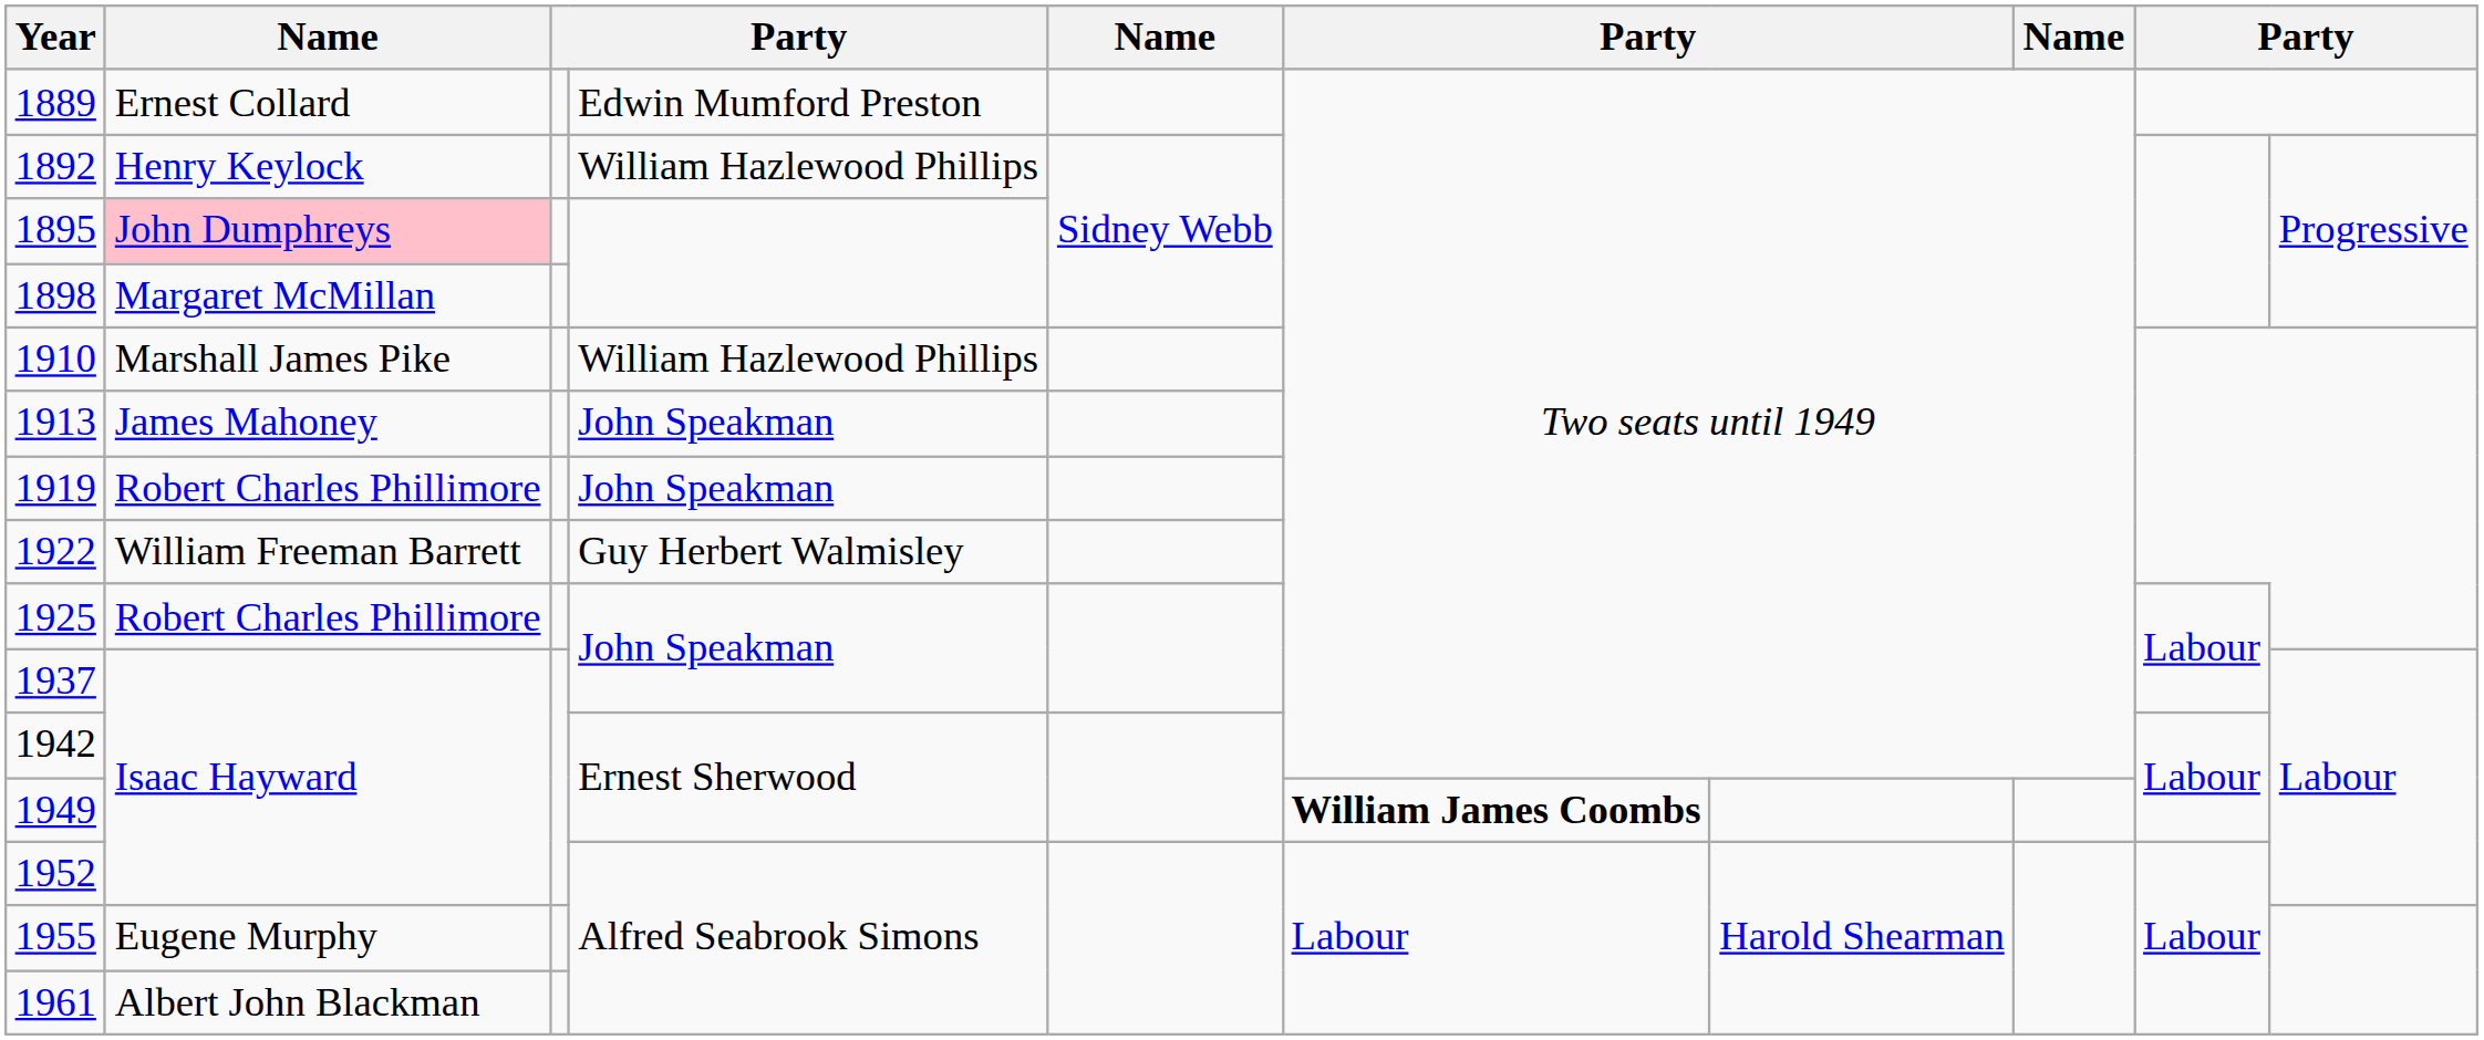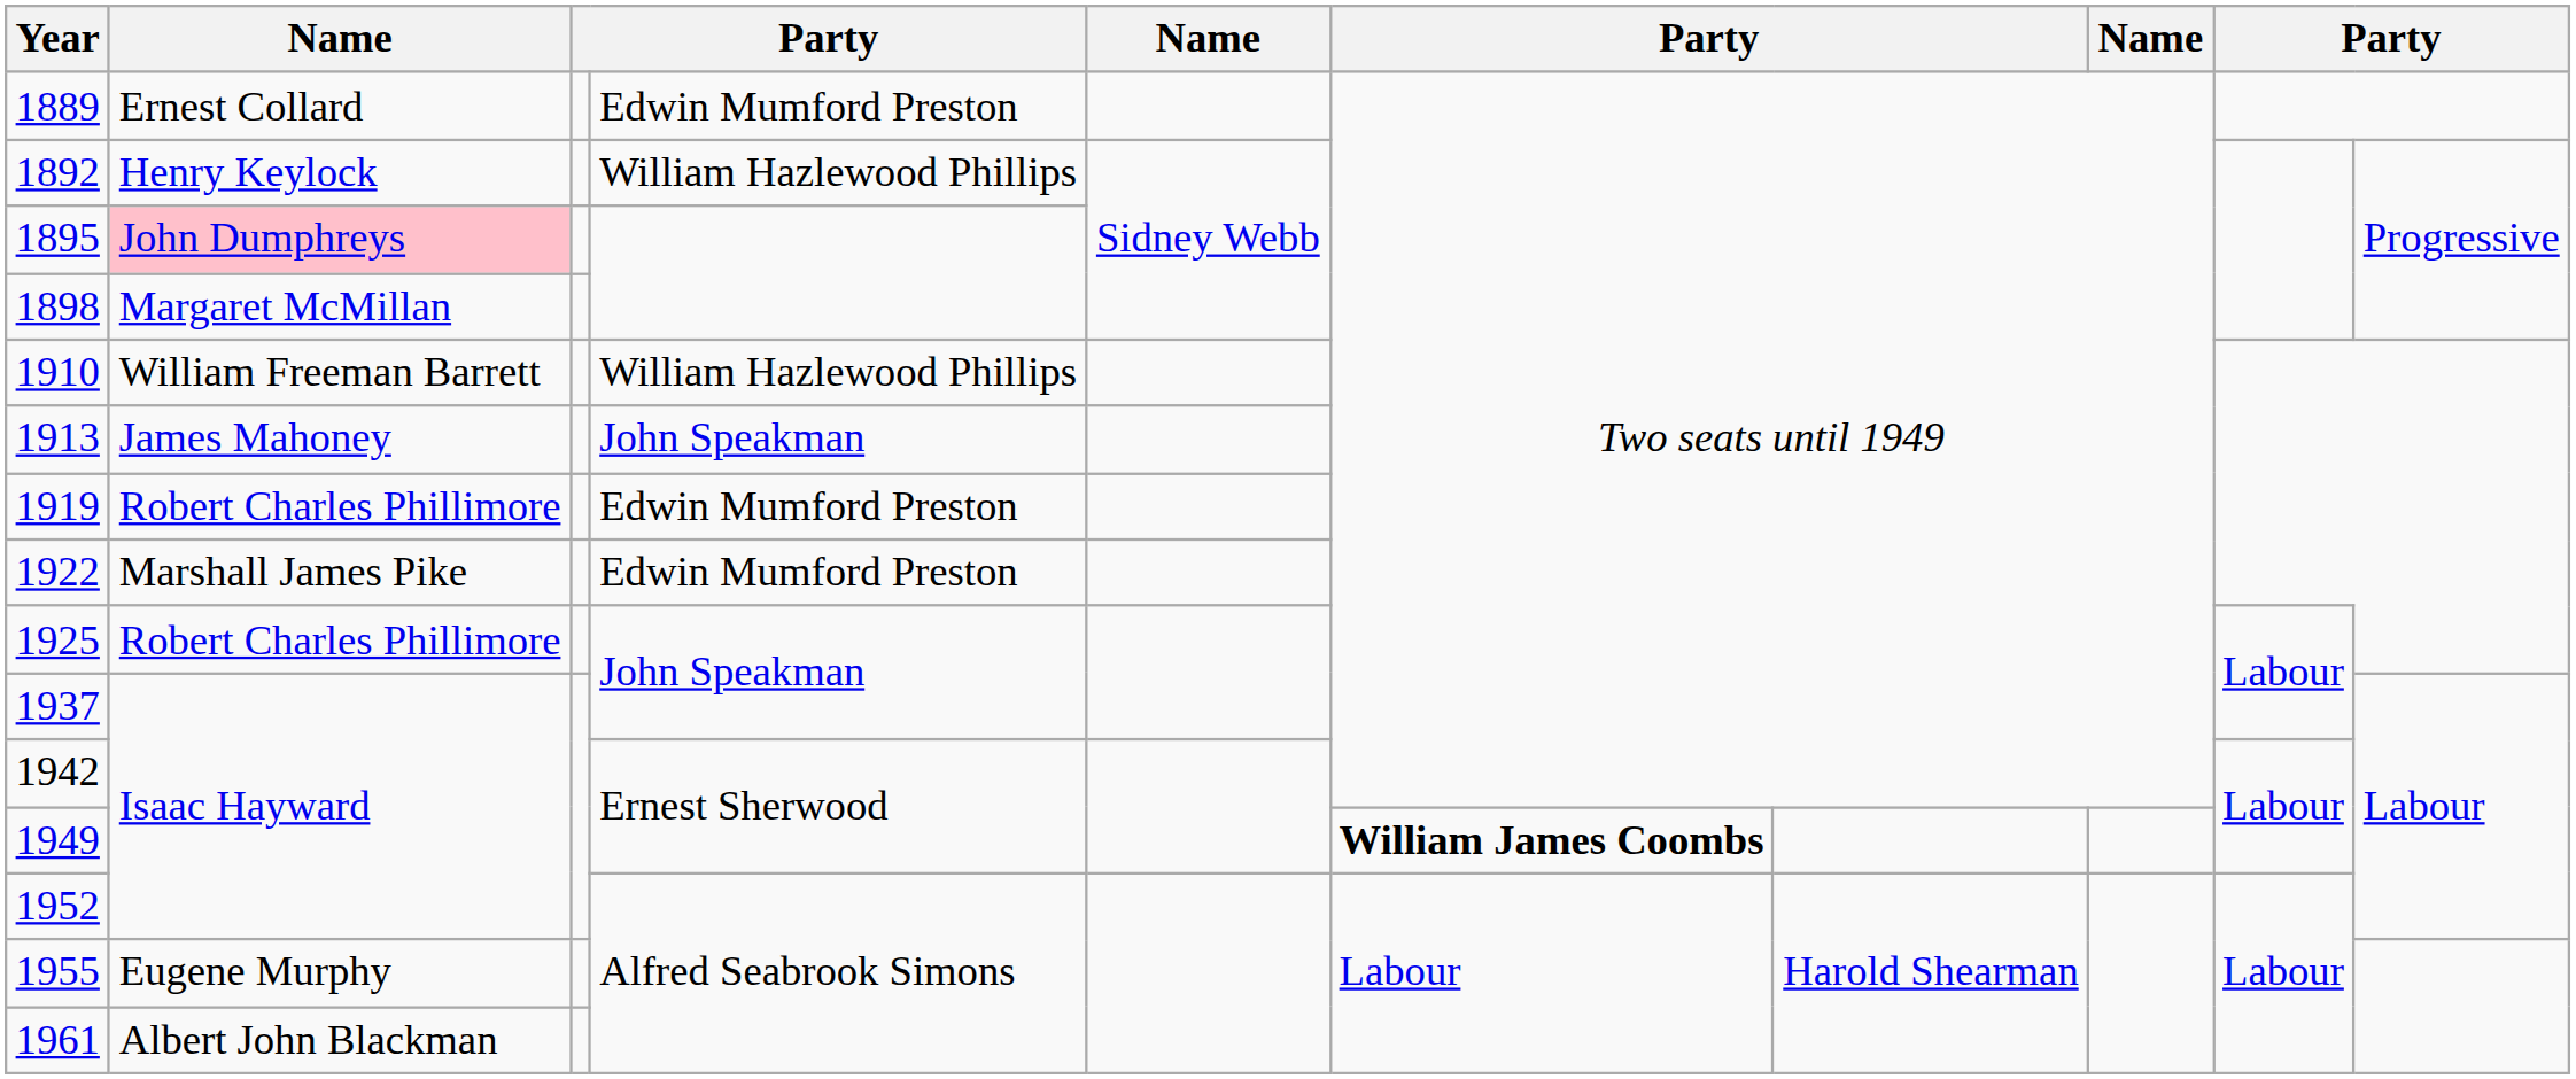 <table class="wikitable">
 <tr>
 <th>Year</th>
 <th>Name</th>
 <th colspan=2>Party</th>
 <th>Name</th>
 <th colspan=2>Party</th>
 <th>Name</th>
 <th colspan=2>Party</th>
 </tr>
 <tr>
 <td><a href='#'>1889</a></td>
 <td>Ernest Collard</td>
 <td></td>
 <td>Edwin Mumford Preston</td>
 <td></td>
 <td rowspan=11 colspan=3 align="center"><em>Two seats until 1949</em></td>
 </tr>
 <tr>
 <td><a href='#'>1892</a></td>
 <td><a href='#'>Henry Keylock</a></td>
 <td style="background-color: "></td>
 <td>William Hazlewood Phillips</td>
 <td rowspan=3><a href='#'>Sidney Webb</a></td>
 <td rowspan=3 style="background-color: "></td>
 <td rowspan=3><a href='#'>Progressive</a></td>
 </tr>
 <tr>
 <td><a href='#'>1895</a></td>
 <td style="background: pink;"><a href='#'>John Dumphreys</a></td>
 <td></td>
 </tr>
 <tr>
 <td><a href='#'>1898</a></td>
 <td><a href='#'>Margaret McMillan</a></td>
 <td></td>
 </tr>
 <tr>
 <td><a href='#'>1910</a></td>
-<td>Marshall James Pike</td>
+<td>William Freeman Barrett</td>
 <td></td>
 <td>William Hazlewood Phillips</td>
 <td></td>
 </tr>
 <tr>
 <td><a href='#'>1913</a></td>
 <td><a href='#'>James Mahoney</a></td>
 <td></td>
 <td><a href='#'>John Speakman</a></td>
 <td></td>
 </tr>
 <tr>
 <td><a href='#'>1919</a></td>
 <td><a href='#'>Robert Charles Phillimore</a></td>
 <td></td>
-<td><a href='#'>John Speakman</a></td>
+<td>Edwin Mumford Preston</td>
 <td></td>
 </tr>
 <tr>
 <td><a href='#'>1922</a></td>
-<td>William Freeman Barrett</td>
+<td>Marshall James Pike</td>
 <td></td>
-<td>Guy Herbert Walmisley</td>
+<td>Edwin Mumford Preston</td>
 <td></td>
 </tr>
 <tr>
 <td><a href='#'>1925</a></td>
 <td><a href='#'>Robert Charles Phillimore</a></td>
 <td></td>
 <td rowspan=2><a href='#'>John Speakman</a></td>
 <td rowspan=2 style="background-color: "></td>
 <td rowspan=2><a href='#'>Labour</a></td>
 </tr>
 <tr>
 <td><a href='#'>1937</a></td>
 <td rowspan=4><a href='#'>Isaac Hayward</a></td>
 <td rowspan=4 style="background-color: "></td>
 <td rowspan=4><a href='#'>Labour</a></td>
 </tr>
 <tr>
 <td>1942</td>
 <td rowspan=2>Ernest Sherwood</td>
 <td rowspan=2 style="background-color: "></td>
 <td rowspan=2><a href='#'>Labour</a></td>
 </tr>
 <tr>
 <td><a href='#'>1949</a></td>
 <td><strong>William James Coombs</strong></td>
 <td></td>
 </tr>
 <tr>
 <td><a href='#'>1952</a></td>
 <td rowspan=3>Alfred Seabrook Simons</td>
 <td rowspan=3 style="background-color: "></td>
 <td rowspan=3><a href='#'>Labour</a></td>
 <td rowspan=3><a href='#'>Harold Shearman</a></td>
 <td rowspan=3 style="background-color: "></td>
 <td rowspan=3><a href='#'>Labour</a></td>
 </tr>
 <tr>
 <td><a href='#'>1955</a></td>
 <td>Eugene Murphy</td>
 <td></td>
 </tr>
 <tr>
 <td><a href='#'>1961</a></td>
 <td>Albert John Blackman</td>
 <td></td>
 </tr>
 </table>
